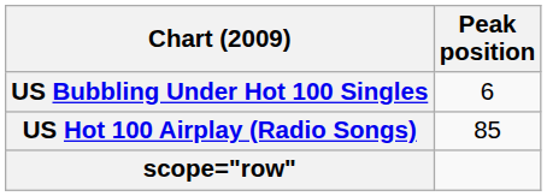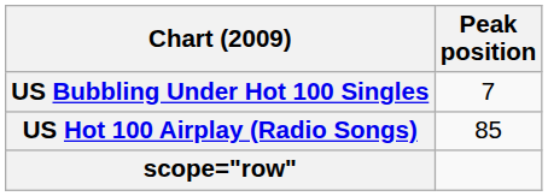 <table class="wikitable sortable plainrowheaders" style="text-align:center">
 <tr>
 <th scope="col">Chart (2009)</th>
 <th scope="col">Peak<br>position</th>
 </tr>
 <tr>
 <th scope="row">US <a href='#'>Bubbling Under Hot 100 Singles</a></th>
-<td align="center">6</td>
+<td align="center">7</td>
 </tr>
 <tr>
 <th scope="row">US <a href='#'>Hot 100 Airplay (Radio Songs)</a></th>
 <td align="center">85</td>
 </tr>
 <tr>
 <th>scope="row"</th>
 </tr>
 </table>
